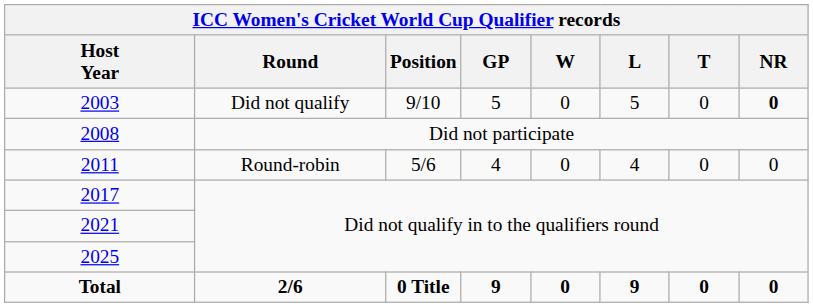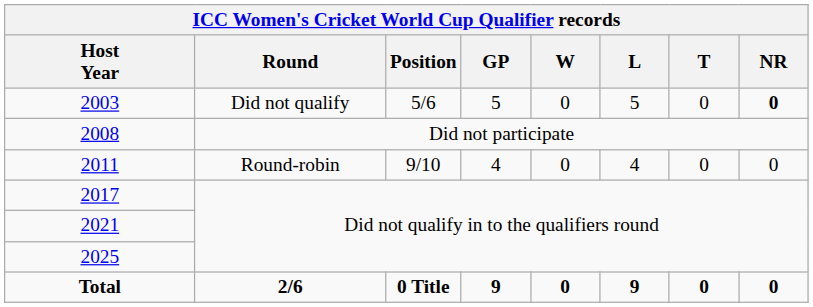 <table class="wikitable" style="text-align: center; width=900px;">
 <tr>
 <th colspan=9><a href='#'>ICC Women's Cricket World Cup Qualifier</a> records</th>
 </tr>
 <tr>
 <th width=150>Host<br>Year</th>
 <th width=150>Round</th>
 <th width=50>Position</th>
 <th width=50>GP</th>
 <th width=50>W</th>
 <th width=50>L</th>
 <th width=50>T</th>
 <th width=50>NR</th>
 </tr>
 <tr>
 <td> <a href='#'>2003</a></td>
 <td>Did not qualify</td>
-<td>9/10</td>
+<td>5/6</td>
 <td>5</td>
 <td>0</td>
 <td>5</td>
 <td>0</td>
 <td><strong>0</strong></td>
 </tr>
 <tr>
 <td> <a href='#'>2008</a></td>
 <td colspan=8>Did not participate</td>
 </tr>
 <tr>
 <td> <a href='#'>2011</a></td>
 <td>Round-robin</td>
-<td>5/6</td>
+<td>9/10</td>
 <td>4</td>
 <td>0</td>
 <td>4</td>
 <td>0</td>
 <td>0</td>
 </tr>
 <tr>
 <td> <a href='#'>2017</a></td>
 <td colspan=8 rowspan=3>Did not qualify in to the qualifiers round</td>
 </tr>
 <tr>
 <td> <a href='#'>2021</a></td>
 </tr>
 <tr>
 <td> <a href='#'>2025</a></td>
 </tr>
 <tr>
 <td><strong>Total</strong></td>
 <td><strong>2/6</strong></td>
 <td><strong>0 Title</strong></td>
 <td><strong>9</strong></td>
 <td><strong>0</strong></td>
 <td><strong>9</strong></td>
 <td><strong>0</strong></td>
 <td><strong>0</strong></td>
 </tr>
 </table>
